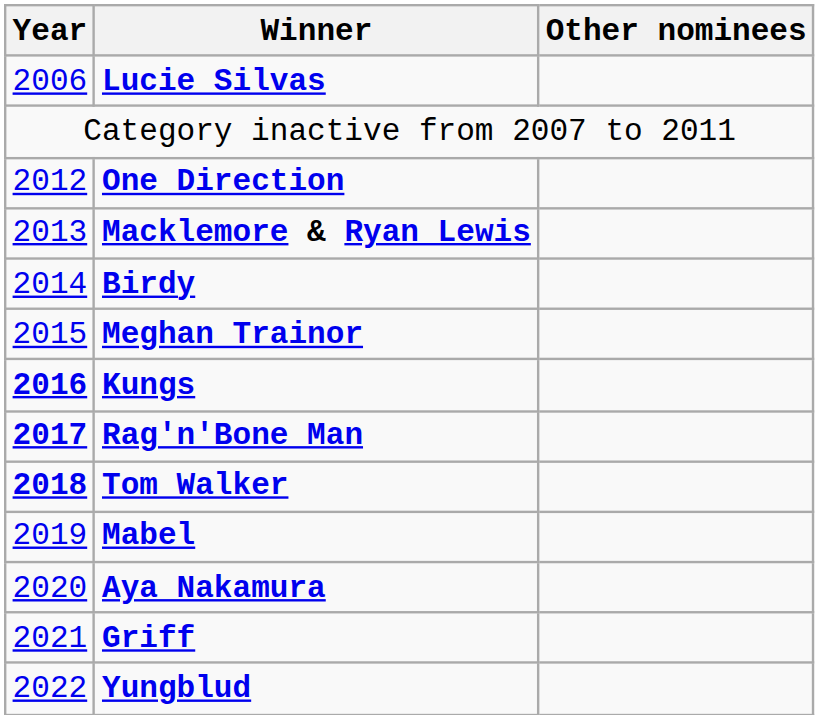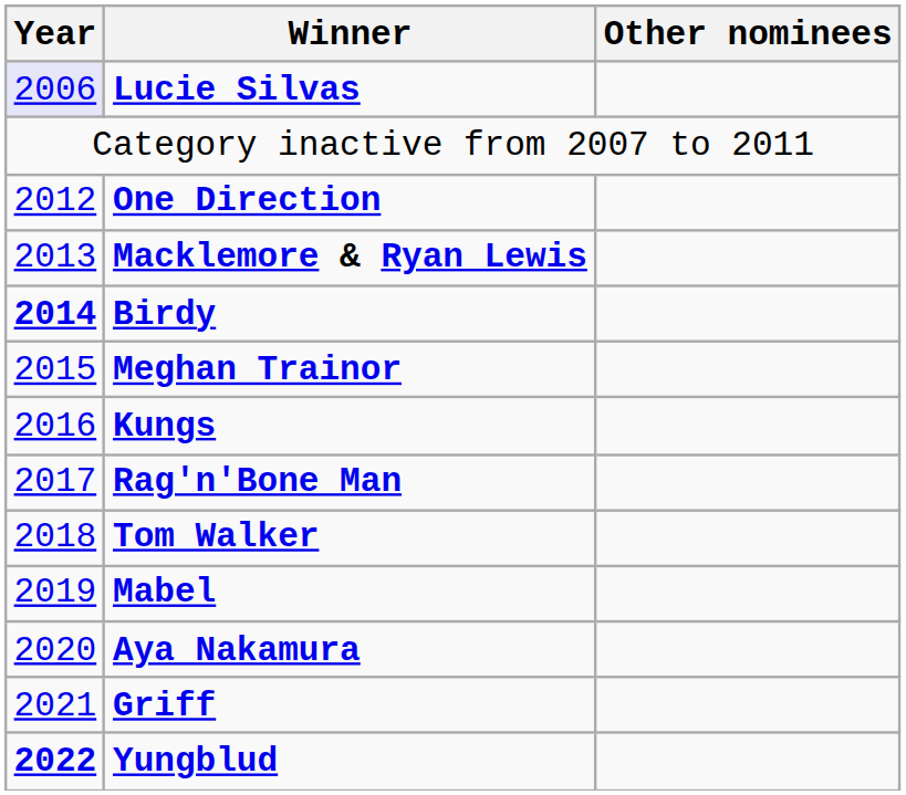 <table class="wikitable">
 <tr>
 <th>Year</th>
 <th>Winner</th>
 <th>Other nominees</th>
 </tr>
 <tr>
-<td><a href='#'>2006</a></td>
+<td style="background: lavender;"><a href='#'>2006</a></td>
 <td> <strong><a href='#'>Lucie Silvas</a></strong></td>
 <td></td>
 </tr>
 <tr>
 <td align=center colspan=3>Category inactive from 2007 to 2011</td>
 </tr>
 <tr>
 <td><a href='#'>2012</a></td>
 <td> <strong><a href='#'>One Direction</a></strong></td>
 <td></td>
 </tr>
 <tr>
 <td><a href='#'>2013</a></td>
 <td> <strong><a href='#'>Macklemore</a> & <a href='#'>Ryan Lewis</a></strong></td>
 <td></td>
 </tr>
 <tr>
-<td><a href='#'>2014</a></td>
+<td><strong><a href='#'>2014</a></strong></td>
 <td> <strong><a href='#'>Birdy</a></strong></td>
 <td></td>
 </tr>
 <tr>
 <td><a href='#'>2015</a></td>
 <td> <strong><a href='#'>Meghan Trainor</a></strong></td>
 <td></td>
 </tr>
 <tr>
-<td><strong><a href='#'>2016</a></strong></td>
+<td><a href='#'>2016</a></td>
 <td> <strong><a href='#'>Kungs</a></strong></td>
 <td></td>
 </tr>
 <tr>
-<td><strong><a href='#'>2017</a></strong></td>
+<td><a href='#'>2017</a></td>
 <td> <strong><a href='#'>Rag'n'Bone Man</a></strong></td>
 <td></td>
 </tr>
 <tr>
-<td><strong><a href='#'>2018</a></strong></td>
+<td><a href='#'>2018</a></td>
 <td> <strong><a href='#'>Tom Walker</a></strong></td>
 <td></td>
 </tr>
 <tr>
 <td><a href='#'>2019</a></td>
 <td> <strong><a href='#'>Mabel</a></strong></td>
 <td></td>
 </tr>
 <tr>
 <td><a href='#'>2020</a></td>
 <td> <strong><a href='#'>Aya Nakamura</a></strong></td>
 <td></td>
 </tr>
 <tr>
 <td><a href='#'>2021</a></td>
 <td> <strong><a href='#'>Griff</a></strong></td>
 <td></td>
 </tr>
 <tr>
-<td><a href='#'>2022</a></td>
+<td><strong><a href='#'>2022</a></strong></td>
 <td> <strong><a href='#'>Yungblud</a></strong></td>
 <td></td>
 </tr>
 </table>
